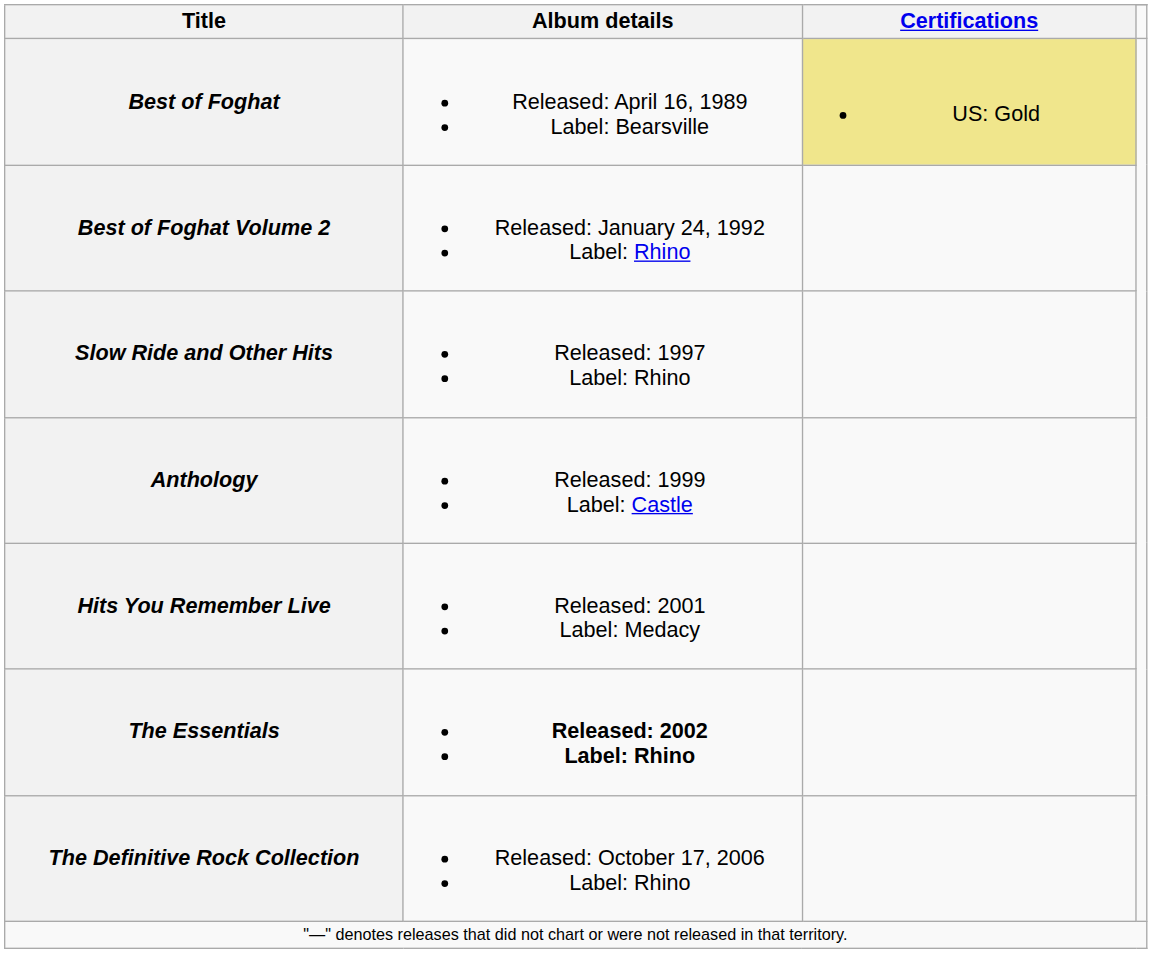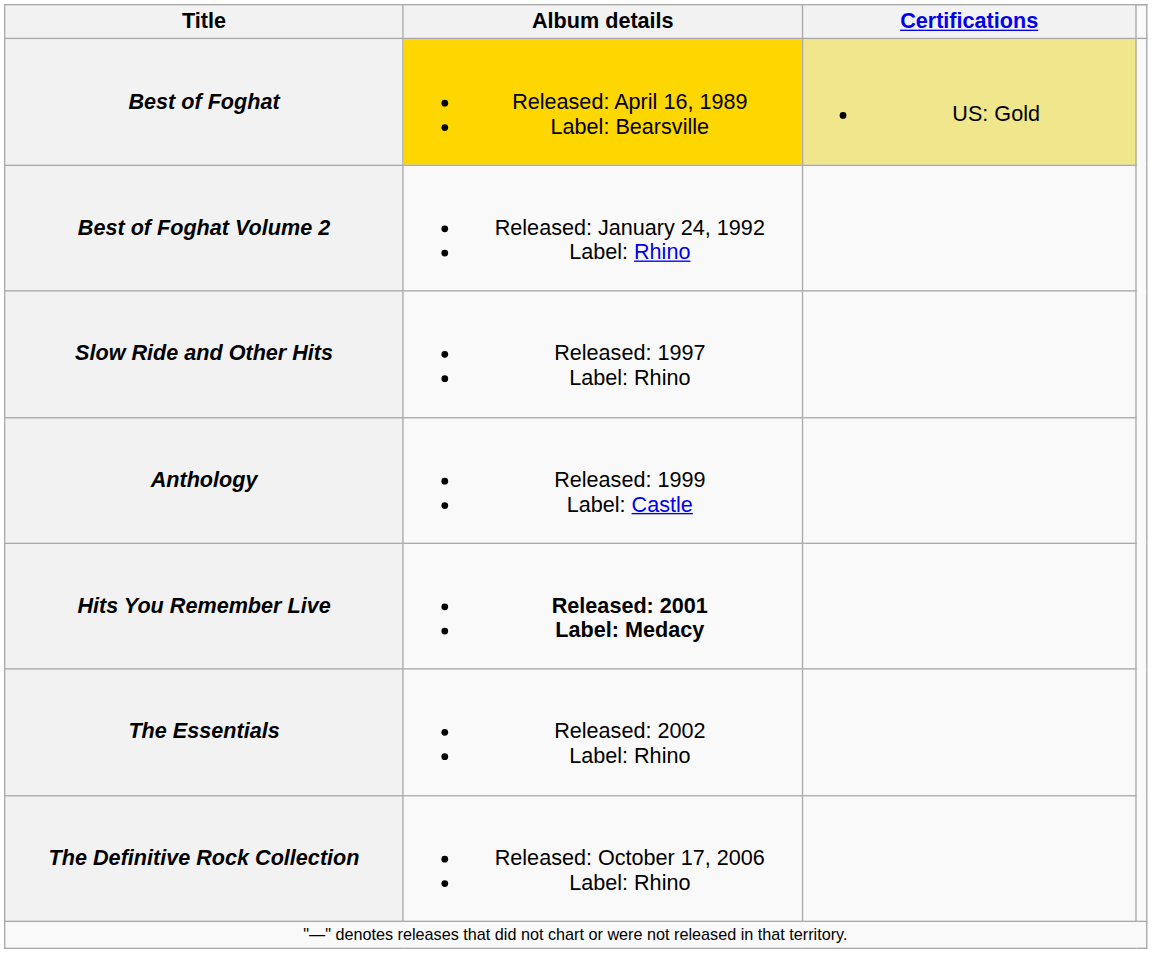 <table class="wikitable plainrowheaders" style="text-align:center;">
 <tr>
 <th scope="col" rowspan="2" style="width:18em;">Title</th>
 <th scope="col" rowspan="2" style="width:18em;">Album details</th>
 <th rowspan="2" style="width:15em;"><a href='#'>Certifications</a></th>
 </tr>
 <tr>
 <td></td>
 </tr>
 <tr>
 <th scope="row"><em>Best of Foghat</em></th>
-<td><br><ul><li>Released: April 16, 1989</li><li>Label: Bearsville</li></ul></td>
+<td style="background: gold;"><br><ul><li>Released: April 16, 1989</li><li>Label: Bearsville</li></ul></td>
 <td style="background: khaki;"><br><ul><li>US: Gold</li></ul></td>
 </tr>
 <tr>
 <th scope="row"><em>Best of Foghat Volume 2</em></th>
 <td><br><ul><li>Released: January 24, 1992</li><li>Label: <a href='#'>Rhino</a></li></ul></td>
 <td></td>
 </tr>
 <tr>
 <th scope="row"><em>Slow Ride and Other Hits</em></th>
 <td><br><ul><li>Released: 1997</li><li>Label: Rhino</li></ul></td>
 <td></td>
 </tr>
 <tr>
 <th scope="row"><em>Anthology</em></th>
 <td><br><ul><li>Released: 1999</li><li>Label: <a href='#'>Castle</a></li></ul></td>
 <td></td>
 </tr>
 <tr>
 <th scope="row"><em>Hits You Remember Live</em></th>
-<td><br><ul><li>Released: 2001</li><li>Label: Medacy</li></ul></td>
+<td><strong><br><ul><li>Released: 2001</li><li>Label: Medacy</li></ul></strong></td>
 <td></td>
 </tr>
 <tr>
 <th scope="row"><em>The Essentials</em></th>
-<td><strong><br><ul><li>Released: 2002</li><li>Label: Rhino</li></ul></strong></td>
+<td><br><ul><li>Released: 2002</li><li>Label: Rhino</li></ul></td>
 <td></td>
 </tr>
 <tr>
 <th scope="row"><em>The Definitive Rock Collection</em></th>
 <td><br><ul><li>Released: October 17, 2006</li><li>Label: Rhino</li></ul></td>
 <td></td>
 </tr>
 <tr>
 <td colspan="16" style="text-align:center; font-size:9pt;">"—" denotes releases that did not chart or were not released in that territory.</td>
 </tr>
 </table>
